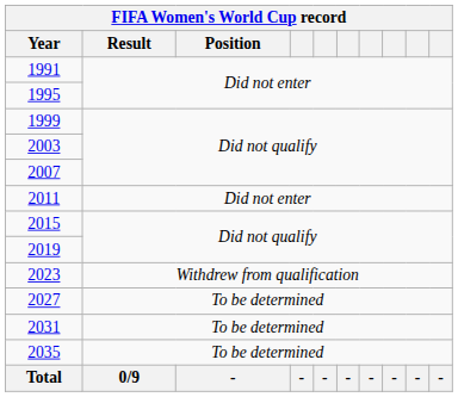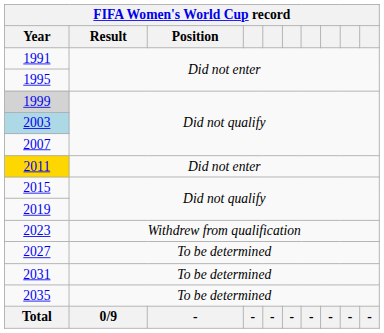 <table class="wikitable" style="text-align: center; width:50%;">
 <tr>
 <th colspan="10" #0000FF;><a href='#'>FIFA Women's World Cup</a> record</th>
 </tr>
 <tr>
 <th>Year</th>
 <th>Result</th>
 <th>Position</th>
 <th></th>
 <th></th>
 <th></th>
 <th></th>
 <th></th>
 <th></th>
 <th></th>
 </tr>
 <tr>
 <td> <a href='#'>1991</a></td>
 <td colspan=9 rowspan=2><em>Did not enter</em></td>
 </tr>
 <tr>
 <td> <a href='#'>1995</a></td>
 </tr>
 <tr>
-<td> <a href='#'>1999</a></td>
+<td style="background: lightgrey;"> <a href='#'>1999</a></td>
 <td colspan=9 rowspan=3><em>Did not qualify</em></td>
 </tr>
 <tr>
-<td> <a href='#'>2003</a></td>
+<td style="background: lightblue;"> <a href='#'>2003</a></td>
 </tr>
 <tr>
 <td> <a href='#'>2007</a></td>
 </tr>
 <tr>
-<td> <a href='#'>2011</a></td>
+<td style="background: gold;"> <a href='#'>2011</a></td>
 <td colspan=9><em>Did not enter</em></td>
 </tr>
 <tr>
 <td> <a href='#'>2015</a></td>
 <td colspan=9 rowspan=2><em>Did not qualify</em></td>
 </tr>
 <tr>
 <td> <a href='#'>2019</a></td>
 </tr>
 <tr>
 <td> <a href='#'>2023</a></td>
 <td colspan=9><em>Withdrew from qualification</em></td>
 </tr>
 <tr>
 <td> <a href='#'>2027</a></td>
 <td colspan=9><em>To be determined</em></td>
 </tr>
 <tr>
 <td> <a href='#'>2031</a></td>
 <td colspan=9><em>To be determined</em></td>
 </tr>
 <tr>
 <td> <a href='#'>2035</a></td>
 <td colspan=9><em>To be determined</em></td>
 </tr>
 <tr>
 <th><strong>Total</strong></th>
 <th>0/9</th>
 <th>-</th>
 <th>-</th>
 <th>-</th>
 <th>-</th>
 <th>-</th>
 <th>-</th>
 <th>-</th>
 <th>-</th>
 </tr>
 </table>
